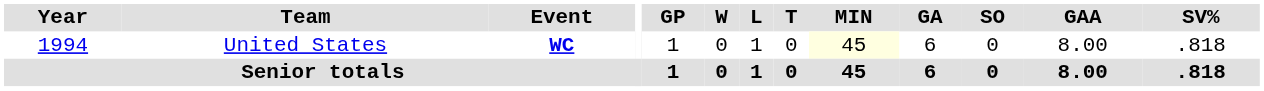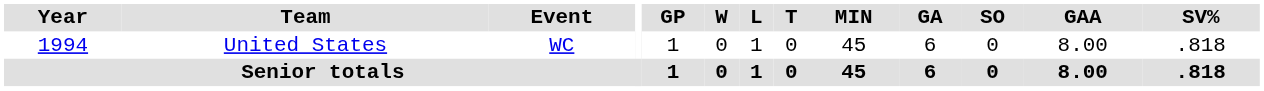 <table border="0" cellpadding="1" cellspacing="0" ID="Table3" style="text-align:center; width:60em">
 <tr ALIGN="center" bgcolor="#e0e0e0">
 <th>Year</th>
 <th>Team</th>
 <th>Event</th>
 <th rowspan="99" bgcolor="#ffffff"></th>
 <th>GP</th>
 <th>W</th>
 <th>L</th>
 <th>T</th>
 <th>MIN</th>
 <th>GA</th>
 <th>SO</th>
 <th>GAA</th>
 <th>SV%</th>
 </tr>
 <tr>
 <td><a href='#'>1994</a></td>
 <td><a href='#'>United States</a></td>
-<td><strong><a href='#'>WC</a></strong></td>
+<td><a href='#'>WC</a></td>
 <td>1</td>
 <td>0</td>
 <td>1</td>
 <td>0</td>
-<td style="background: lightyellow;">45</td>
+<td>45</td>
 <td>6</td>
 <td>0</td>
 <td>8.00</td>
 <td>.818</td>
 </tr>
 <tr bgcolor="#e0e0e0">
 <th colspan=4>Senior totals</th>
 <th>1</th>
 <th>0</th>
 <th>1</th>
 <th>0</th>
 <th>45</th>
 <th>6</th>
 <th>0</th>
 <th>8.00</th>
 <th>.818</th>
 </tr>
 </table>
